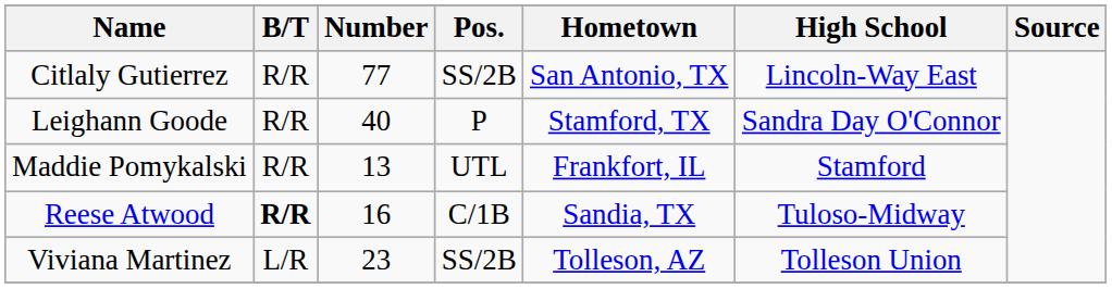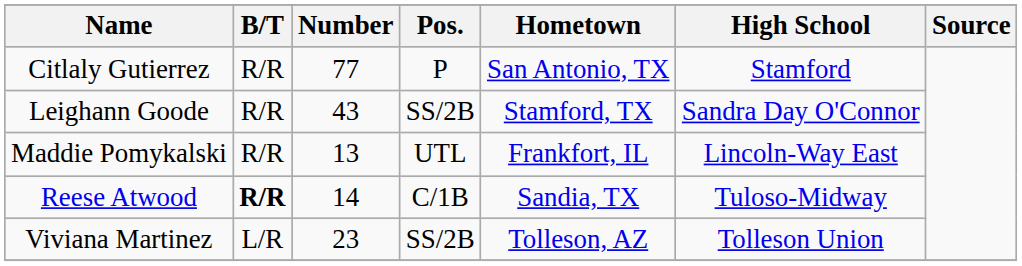 <table class="wikitable sortable collapsible">
 <tr>
 </tr>
 <tr>
 <th style="text-align:center; ">Name</th>
 <th style="text-align:center; ">B/T</th>
 <th style="text-align:center; ">Number</th>
 <th style="text-align:center; ">Pos.</th>
 <th style="text-align:center; ">Hometown</th>
 <th style="text-align:center; ">High School</th>
 <th style="text-align:center; ">Source</th>
 </tr>
 <tr align="center">
 <td>Citlaly Gutierrez</td>
 <td>R/R</td>
 <td>77</td>
-<td>SS/2B</td>
+<td>P</td>
 <td><a href='#'>San Antonio, TX</a></td>
-<td><a href='#'>Lincoln-Way East</a></td>
+<td><a href='#'>Stamford</a></td>
 <td rowspan="5"></td>
 </tr>
 <tr align="center">
 <td>Leighann Goode</td>
 <td>R/R</td>
-<td>40</td>
-<td>P</td>
+<td>43</td>
+<td>SS/2B</td>
 <td><a href='#'>Stamford, TX</a></td>
 <td><a href='#'>Sandra Day O'Connor</a></td>
 </tr>
 <tr align="center">
 <td>Maddie Pomykalski</td>
 <td>R/R</td>
 <td>13</td>
 <td>UTL</td>
 <td><a href='#'>Frankfort, IL</a></td>
-<td><a href='#'>Stamford</a></td>
+<td><a href='#'>Lincoln-Way East</a></td>
 </tr>
 <tr align="center">
 <td><a href='#'>Reese Atwood</a></td>
 <td><strong>R/R</strong></td>
-<td>16</td>
+<td>14</td>
 <td>C/1B</td>
 <td><a href='#'>Sandia, TX</a></td>
 <td><a href='#'>Tuloso-Midway</a></td>
 </tr>
 <tr align="center">
 <td>Viviana Martinez</td>
 <td>L/R</td>
 <td>23</td>
 <td>SS/2B</td>
 <td><a href='#'>Tolleson, AZ</a></td>
 <td><a href='#'>Tolleson Union</a></td>
 </tr>
 <tr>
 </tr>
 </table>
